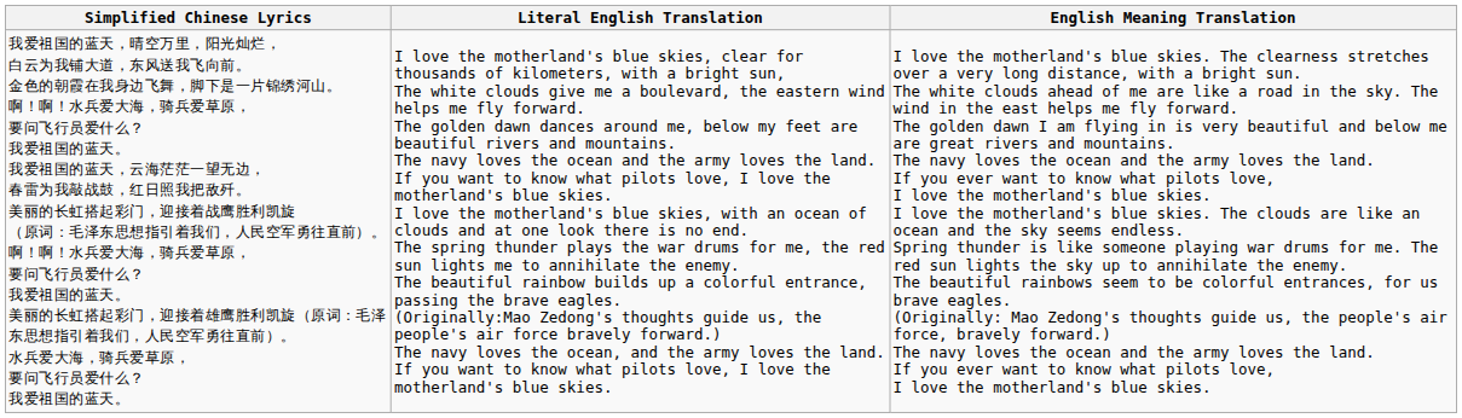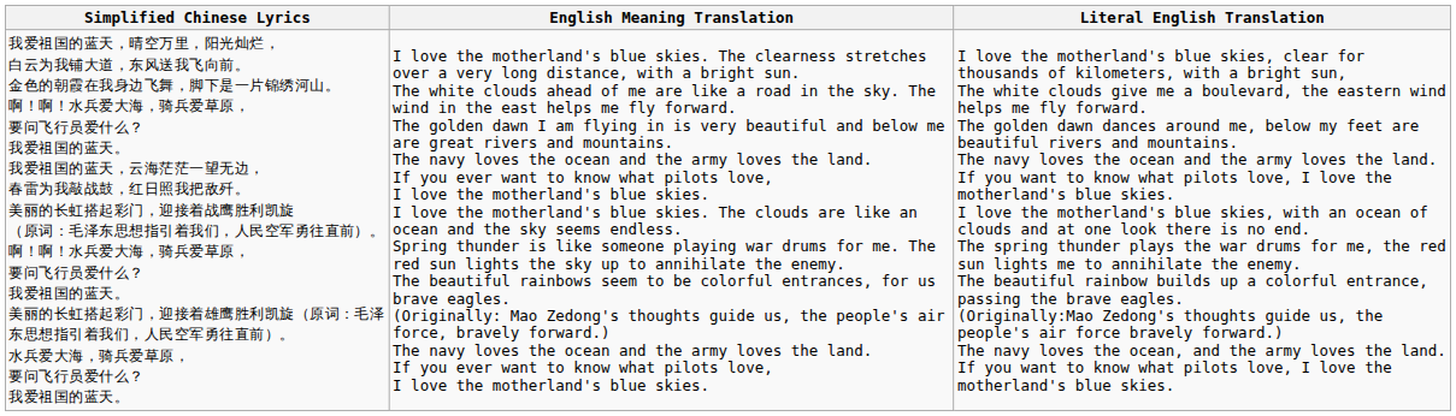 <table class="wikitable sortable">
 <tr>
 <th>Simplified Chinese Lyrics</th>
+<th>English Meaning Translation</th>
 <th>Literal English Translation</th>
-<th>English Meaning Translation</th>
 </tr>
 <tr>
 <td>我爱祖国的蓝天，晴空万里，阳光灿烂，<br>白云为我铺大道，东风送我飞向前。<br>金色的朝霞在我身边飞舞，脚下是一片锦绣河山。<br>啊！啊！水兵爱大海，骑兵爱草原，<br>要问飞行员爱什么？<br>我爱祖国的蓝天。<br>我爱祖国的蓝天，云海茫茫一望无边，<br>春雷为我敲战鼓，红日照我把敌歼。<br>美丽的长虹搭起彩门，迎接着战鹰胜利凯旋<br>（原词：毛泽东思想指引着我们，人民空军勇往直前）。<br>啊！啊！水兵爱大海，骑兵爱草原，<br>要问飞行员爱什么？<br>我爱祖国的蓝天。<br>美丽的长虹搭起彩门，迎接着雄鹰胜利凯旋（原词：毛泽东思想指引着我们，人民空军勇往直前）。<br>水兵爱大海，骑兵爱草原，<br>要问飞行员爱什么？<br>我爱祖国的蓝天。</td>
+<td>I love the motherland's blue skies. The clearness stretches over a very long distance, with a bright sun.<br>The white clouds ahead of me are like a road in the sky. The wind in the east helps me fly forward.<br>The golden dawn I am flying in is very beautiful and below me are great rivers and mountains.<br>The navy loves the ocean and the army loves the land.<br>If you ever want to know what pilots love,<br>I love the motherland's blue skies.<br>I love the motherland's blue skies. The clouds are like an ocean and the sky seems endless.<br>Spring thunder is like someone playing war drums for me. The red sun lights the sky up to annihilate the enemy.<br>The beautiful rainbows seem to be colorful entrances, for us brave eagles.<br>(Originally: Mao Zedong's thoughts guide us, the people's air force, bravely forward.)<br>The navy loves the ocean and the army loves the land.<br>If you ever want to know what pilots love,<br>I love the motherland's blue skies.</td>
 <td>I love the motherland's blue skies, clear for thousands of kilometers, with a bright sun,<br>The white clouds give me a boulevard, the eastern wind helps me fly forward.<br>The golden dawn dances around me, below my feet are beautiful rivers and mountains.<br>The navy loves the ocean and the army loves the land.<br>If you want to know what pilots love, I love the motherland's blue skies.<br>I love the motherland's blue skies, with an ocean of clouds and at one look there is no end.<br>The spring thunder plays the war drums for me, the red sun lights me to annihilate the enemy.<br>The beautiful rainbow builds up a colorful entrance, passing the brave eagles.<br>(Originally:Mao Zedong's thoughts guide us, the people's air force bravely forward.)<br>The navy loves the ocean, and the army loves the land.<br>If you want to know what pilots love, I love the motherland's blue skies.</td>
-<td>I love the motherland's blue skies. The clearness stretches over a very long distance, with a bright sun.<br>The white clouds ahead of me are like a road in the sky. The wind in the east helps me fly forward.<br>The golden dawn I am flying in is very beautiful and below me are great rivers and mountains.<br>The navy loves the ocean and the army loves the land.<br>If you ever want to know what pilots love,<br>I love the motherland's blue skies.<br>I love the motherland's blue skies. The clouds are like an ocean and the sky seems endless.<br>Spring thunder is like someone playing war drums for me. The red sun lights the sky up to annihilate the enemy.<br>The beautiful rainbows seem to be colorful entrances, for us brave eagles.<br>(Originally: Mao Zedong's thoughts guide us, the people's air force, bravely forward.)<br>The navy loves the ocean and the army loves the land.<br>If you ever want to know what pilots love,<br>I love the motherland's blue skies.</td>
 </tr>
 </table>
